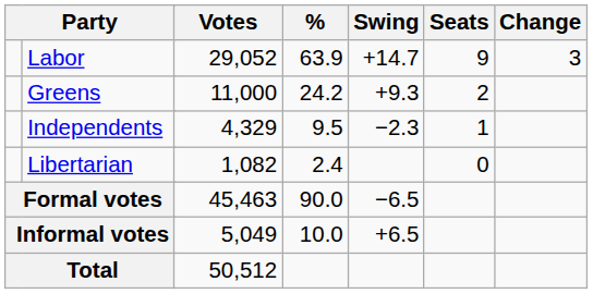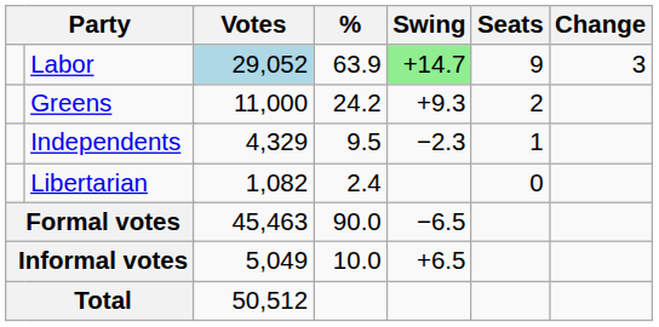 <table class="wikitable" style="text-align:right; margin-bottom:0">
 <tr>
 <th style="width:10px" colspan=3>Party</th>
 <th style="width:70px;">Votes</th>
 <th style="width:40px;">%</th>
 <th style="width:40px;">Swing</th>
 <th style="width:40px;">Seats</th>
 <th style="width:40px;">Change</th>
 </tr>
 <tr>
 <td> </td>
 <td style="text-align:left;" colspan="2"><a href='#'>Labor</a></td>
-<td>29,052</td>
+<td style="background: lightblue;">29,052</td>
 <td>63.9</td>
-<td>+14.7</td>
+<td style="background: lightgreen;">+14.7</td>
 <td>9</td>
 <td> 3</td>
 </tr>
 <tr>
 <td> </td>
 <td style="text-align:left;" colspan="2"><a href='#'>Greens</a></td>
 <td>11,000</td>
 <td>24.2</td>
 <td>+9.3</td>
 <td>2</td>
 <td></td>
 </tr>
 <tr>
 <td> </td>
 <td style="text-align:left;" colspan="2"><a href='#'>Independents</a></td>
 <td>4,329</td>
 <td>9.5</td>
 <td>−2.3</td>
 <td>1</td>
 <td></td>
 </tr>
 <tr>
 <td> </td>
 <td style="text-align:left;" colspan="2"><a href='#'>Libertarian</a></td>
 <td>1,082</td>
 <td>2.4</td>
 <td></td>
 <td>0</td>
 <td></td>
 </tr>
 <tr>
 <th colspan="3" rowspan="1"> Formal votes</th>
 <td>45,463</td>
 <td>90.0</td>
 <td>−6.5</td>
 <td></td>
 <td></td>
 </tr>
 <tr>
 <th colspan="3" rowspan="1"> Informal votes</th>
 <td>5,049</td>
 <td>10.0</td>
 <td>+6.5</td>
 <td></td>
 <td></td>
 </tr>
 <tr>
 <th colspan="3" rowspan="1"> <strong>Total </strong></th>
 <td>50,512</td>
 <td></td>
 <td></td>
 <td></td>
 <td></td>
 </tr>
 </table>
